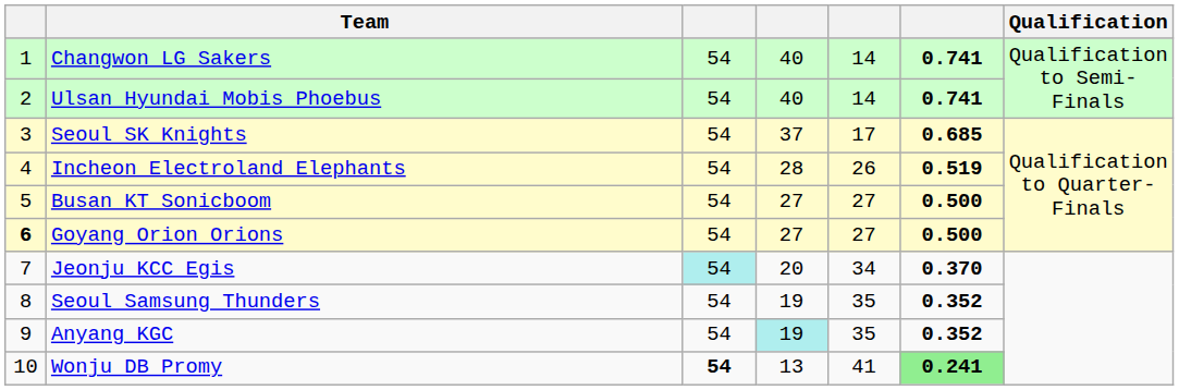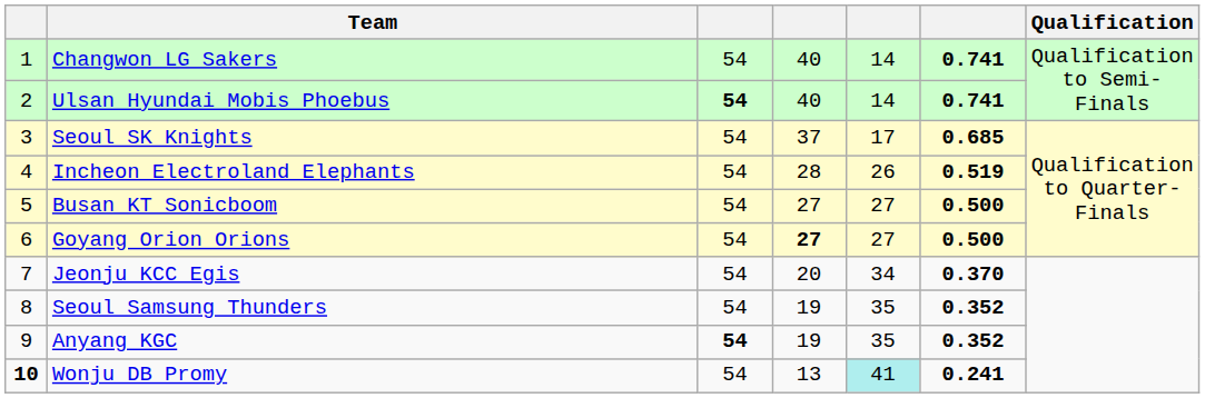 <table class="wikitable" style="text-align:center;">
 <tr>
 <th width=20></th>
 <th width=400>Team</th>
 <th width=40></th>
 <th width=40></th>
 <th width=40></th>
 <th width=60></th>
 <th width=80>Qualification</th>
 </tr>
 <tr bgcolor=#ccffcc>
 <td>1</td>
 <td align=left><a href='#'>Changwon LG Sakers</a></td>
 <td>54</td>
 <td>40</td>
 <td>14</td>
 <td><strong>0.741</strong></td>
 <td rowspan="2">Qualification to Semi-Finals</td>
 </tr>
 <tr bgcolor=#ccffcc>
 <td>2</td>
 <td align=left><a href='#'>Ulsan Hyundai Mobis Phoebus</a></td>
-<td>54</td>
+<td><strong>54</strong></td>
 <td>40</td>
 <td>14</td>
 <td><strong>0.741</strong></td>
 </tr>
 <tr bgcolor=#fffccc>
 <td>3</td>
 <td align=left><a href='#'>Seoul SK Knights</a></td>
 <td>54</td>
 <td>37</td>
 <td>17</td>
 <td><strong>0.685</strong></td>
 <td rowspan="4">Qualification to Quarter-Finals</td>
 </tr>
 <tr bgcolor=#fffccc>
 <td>4</td>
 <td align=left><a href='#'>Incheon Electroland Elephants</a></td>
 <td>54</td>
 <td>28</td>
 <td>26</td>
 <td><strong>0.519</strong></td>
 </tr>
 <tr bgcolor=#fffccc>
 <td>5</td>
 <td align=left><a href='#'>Busan KT Sonicboom</a></td>
 <td>54</td>
 <td>27</td>
 <td>27</td>
 <td><strong>0.500</strong></td>
 </tr>
 <tr bgcolor=#fffccc>
-<td><strong>6</strong></td>
+<td>6</td>
 <td align=left><a href='#'>Goyang Orion Orions</a></td>
 <td>54</td>
-<td>27</td>
+<td><strong>27</strong></td>
 <td>27</td>
 <td><strong>0.500</strong></td>
 </tr>
 <tr>
 <td>7</td>
 <td align=left><a href='#'>Jeonju KCC Egis</a></td>
-<td style="background: paleturquoise;">54</td>
+<td>54</td>
 <td>20</td>
 <td>34</td>
 <td><strong>0.370</strong></td>
 <td rowspan="4"></td>
 </tr>
 <tr>
 <td>8</td>
 <td align=left><a href='#'>Seoul Samsung Thunders</a></td>
 <td>54</td>
 <td>19</td>
 <td>35</td>
 <td><strong>0.352</strong></td>
 </tr>
 <tr>
 <td>9</td>
 <td align=left><a href='#'>Anyang KGC</a></td>
-<td>54</td>
-<td style="background: paleturquoise;">19</td>
+<td><strong>54</strong></td>
+<td>19</td>
 <td>35</td>
 <td><strong>0.352</strong></td>
 </tr>
 <tr>
-<td>10</td>
+<td><strong>10</strong></td>
 <td align=left><a href='#'>Wonju DB Promy</a></td>
-<td><strong>54</strong></td>
+<td>54</td>
 <td>13</td>
-<td>41</td>
-<td style="background: lightgreen;"><strong>0.241</strong></td>
+<td style="background: paleturquoise;">41</td>
+<td><strong>0.241</strong></td>
 </tr>
 </table>
